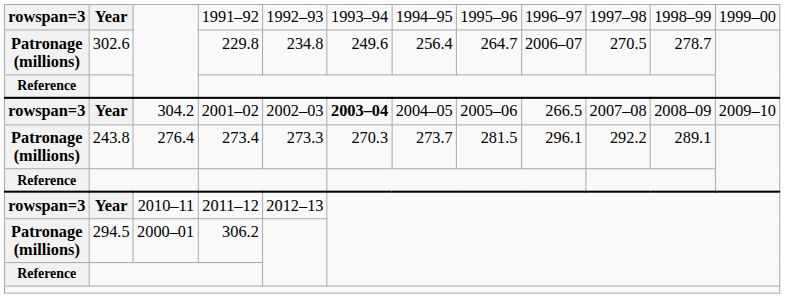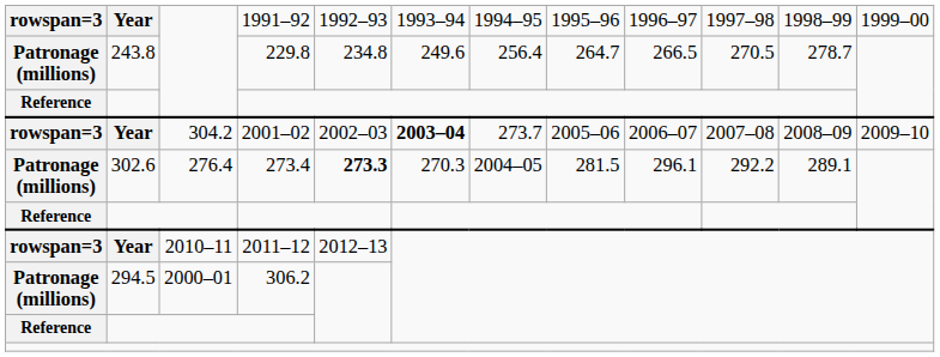 <table class="wikitable" style="text-align:right; white-space: nowrap;">
 <tr>
 <th>rowspan=3 </th>
 <th>Year</th>
 <td rowspan="3"></td>
 <td>1991–92</td>
 <td>1992–93</td>
 <td>1993–94</td>
 <td>1994–95</td>
 <td>1995–96</td>
 <td>1996–97</td>
 <td>1997–98</td>
 <td>1998–99</td>
 <td>1999–00</td>
 </tr>
 <tr style="vertical-align: top;">
 <th>Patronage<br><span>(millions)</span></th>
-<td>302.6<br></td>
+<td>243.8</td>
 <td>229.8</td>
 <td>234.8</td>
 <td>249.6</td>
 <td>256.4<br></td>
 <td>264.7<br></td>
-<td>2006–07</td>
+<td>266.5<br></td>
 <td>270.5</td>
 <td>278.7<br></td>
 </tr>
 <tr style="font-size:85%">
 <th>Reference<br></th>
 <td><br></td>
 <td colspan="8"><br></td>
 </tr>
 <tr style="border-top:2px solid">
 <th>rowspan=3 </th>
 <th>Year</th>
 <td>304.2</td>
 <td>2001–02</td>
 <td>2002–03</td>
 <td><strong>2003–04</strong></td>
-<td>2004–05</td>
+<td>273.7</td>
 <td>2005–06</td>
-<td>266.5<br></td>
+<td>2006–07</td>
 <td>2007–08</td>
 <td>2008–09</td>
 <td>2009–10</td>
 </tr>
 <tr style="vertical-align: top;">
 <th>Patronage<br><span>(millions)</span></th>
-<td>243.8</td>
+<td>302.6<br></td>
 <td>276.4</td>
 <td>273.4</td>
-<td>273.3</td>
+<td><strong>273.3</strong></td>
 <td>270.3</td>
-<td>273.7</td>
+<td>2004–05</td>
 <td>281.5</td>
 <td>296.1</td>
 <td>292.2<br></td>
 <td>289.1</td>
 </tr>
 <tr style="font-size:85%">
 <th>Reference<br></th>
 <td colspan="2"><br></td>
 <td colspan="2"><br></td>
 <td colspan="4"><br></td>
 <td colspan="2"><br></td>
 </tr>
 <tr style="border-top:2px solid">
 <th>rowspan=3 </th>
 <th>Year</th>
 <td>2010–11</td>
 <td>2011–12</td>
 <td>2012–13</td>
 <td rowspan="3" colspan="7"></td>
 </tr>
 <tr style="vertical-align: top;">
 <th>Patronage<br><span>(millions)</span></th>
 <td>294.5</td>
 <td>2000–01</td>
 <td>306.2<br></td>
 </tr>
 <tr style="font-size:85%">
 <th>Reference<br></th>
 <td colspan="3"></td>
 </tr>
 <tr>
 <td colspan="12" style="text-align:center;"></td>
 </tr>
 </table>
